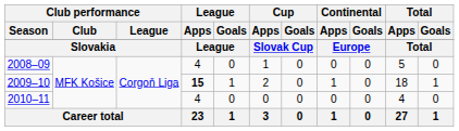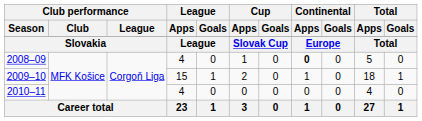 <table class="wikitable" style="text-align:center">
 <tr>
 <th colspan=3>Club performance</th>
 <th colspan=2>League</th>
 <th colspan=2>Cup</th>
 <th colspan=2>Continental</th>
 <th colspan=2>Total</th>
 </tr>
 <tr>
 <th>Season</th>
 <th>Club</th>
 <th>League</th>
 <th>Apps</th>
 <th>Goals</th>
 <th>Apps</th>
 <th>Goals</th>
 <th>Apps</th>
 <th>Goals</th>
 <th>Apps</th>
 <th>Goals</th>
 </tr>
 <tr>
 </tr>
 <tr>
 <th colspan=3>Slovakia</th>
 <th colspan=2>League</th>
 <th colspan=2><a href='#'>Slovak Cup</a></th>
 <th colspan=2><a href='#'>Europe</a></th>
 <th colspan=2>Total</th>
 </tr>
 <tr>
 <td><a href='#'>2008–09</a></td>
 <td rowspan="3"><a href='#'>MFK Košice</a></td>
 <td rowspan="3"><a href='#'>Corgoň Liga</a></td>
 <td>4</td>
 <td>0</td>
 <td>1</td>
 <td>0</td>
-<td>0</td>
+<td><strong>0</strong></td>
 <td>0</td>
 <td>5</td>
 <td>0</td>
 </tr>
 <tr>
 <td><a href='#'>2009–10</a></td>
-<td><strong>15</strong></td>
+<td>15</td>
 <td>1</td>
 <td>2</td>
 <td>0</td>
 <td>1</td>
 <td>0</td>
 <td>18</td>
 <td>1</td>
 </tr>
 <tr>
 <td><a href='#'>2010–11</a></td>
 <td>4</td>
 <td>0</td>
 <td>0</td>
 <td>0</td>
 <td>0</td>
 <td>0</td>
 <td>4</td>
 <td>0</td>
 </tr>
 <tr>
 <th colspan=3>Career total</th>
 <th>23</th>
 <th>1</th>
 <th>3</th>
 <th>0</th>
 <th>1</th>
 <th>0</th>
 <th>27</th>
 <th>1</th>
 </tr>
 </table>
